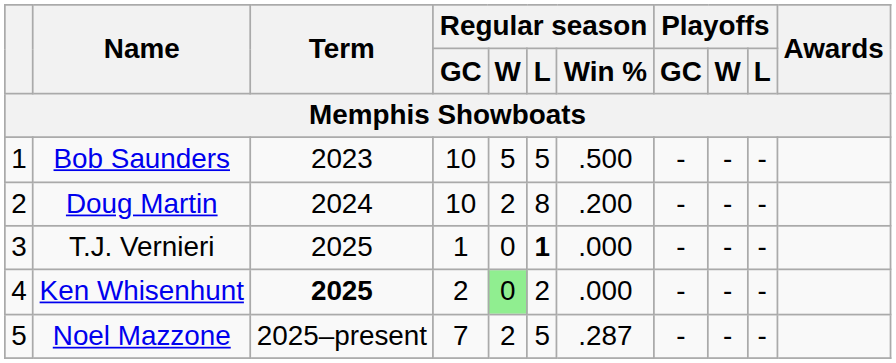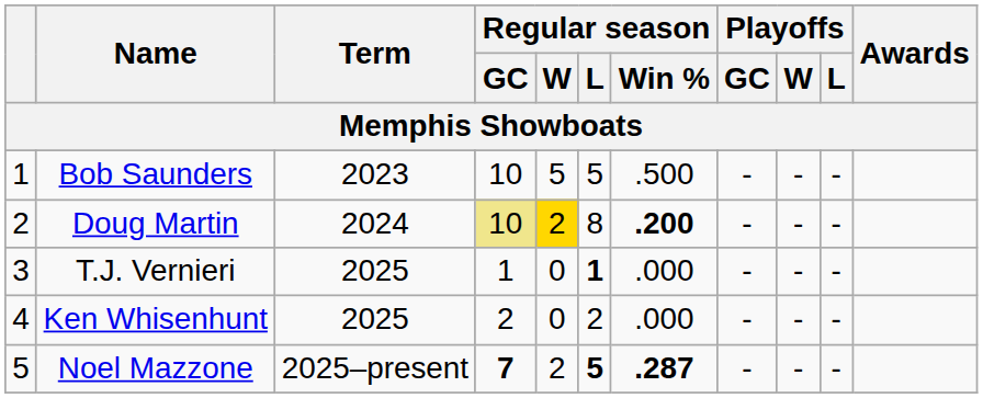 <table class="wikitable" style="text-align:center">
 <tr>
 <th rowspan="2"></th>
 <th rowspan="2">Name</th>
 <th rowspan="2">Term</th>
 <th colspan="4">Regular season</th>
 <th colspan="3">Playoffs</th>
 <th rowspan="2">Awards</th>
 </tr>
 <tr>
 <th>GC</th>
 <th>W</th>
 <th>L</th>
 <th>Win %</th>
 <th>GC</th>
 <th>W</th>
 <th>L</th>
 </tr>
 <tr>
 <th colspan="11">Memphis Showboats</th>
 </tr>
 <tr>
 <td>1</td>
 <td><a href='#'>Bob Saunders</a></td>
 <td>2023</td>
 <td>10</td>
 <td>5</td>
 <td>5</td>
 <td>.500</td>
 <td>-</td>
 <td>-</td>
 <td>-</td>
 <td></td>
 </tr>
 <tr>
 <td>2</td>
 <td><a href='#'>Doug Martin</a></td>
 <td>2024</td>
-<td>10</td>
-<td>2</td>
+<td style="background: khaki;">10</td>
+<td style="background: gold;">2</td>
 <td>8</td>
-<td>.200</td>
+<td><strong>.200</strong></td>
 <td>-</td>
 <td>-</td>
 <td>-</td>
 <td></td>
 </tr>
 <tr>
 <td>3</td>
 <td>T.J. Vernieri</td>
 <td>2025</td>
 <td>1</td>
 <td>0</td>
 <td><strong>1</strong></td>
 <td>.000</td>
 <td>-</td>
 <td>-</td>
 <td>-</td>
 <td></td>
 </tr>
 <tr>
 <td>4</td>
 <td><a href='#'>Ken Whisenhunt</a></td>
-<td><strong>2025</strong></td>
+<td>2025</td>
 <td>2</td>
-<td style="background: lightgreen;">0</td>
+<td>0</td>
 <td>2</td>
 <td>.000</td>
 <td>-</td>
 <td>-</td>
 <td>-</td>
 <td></td>
 </tr>
 <tr>
 <td>5</td>
 <td><a href='#'>Noel Mazzone</a></td>
 <td>2025–present</td>
-<td>7</td>
+<td><strong>7</strong></td>
 <td>2</td>
-<td>5</td>
-<td>.287</td>
+<td><strong>5</strong></td>
+<td><strong>.287</strong></td>
 <td>-</td>
 <td>-</td>
 <td>-</td>
 <td></td>
 </tr>
 </table>
